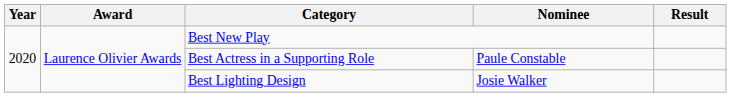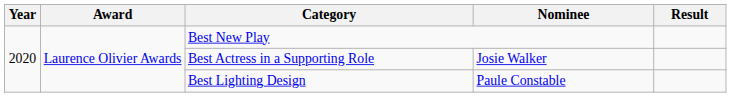 <table class="wikitable" style="width: 95%;">
 <tr>
 <th style="width: 5%;">Year</th>
 <th style="width: 20%;">Award</th>
 <th style="width: 40%;">Category</th>
 <th style="width: 25%;">Nominee</th>
 <th style="width: 10%;">Result</th>
 </tr>
 <tr>
 <td rowspan="3" style="text-align: center;">2020</td>
 <td rowspan="3"><a href='#'>Laurence Olivier Awards</a></td>
 <td colspan="2"><a href='#'>Best New Play</a></td>
 <td></td>
 </tr>
 <tr>
 <td><a href='#'>Best Actress in a Supporting Role</a></td>
-<td><a href='#'>Paule Constable</a></td>
+<td><a href='#'>Josie Walker</a></td>
 <td></td>
 </tr>
 <tr>
 <td><a href='#'>Best Lighting Design</a></td>
-<td><a href='#'>Josie Walker</a></td>
+<td><a href='#'>Paule Constable</a></td>
 <td></td>
 </tr>
 </table>
